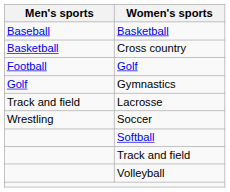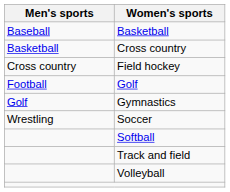 <table class="wikitable" style=" ">
 <tr>
 <th width=150px>Men's sports</th>
 <th width=150px>Women's sports</th>
 </tr>
 <tr>
 <td><a href='#'>Baseball</a></td>
 <td><a href='#'>Basketball</a></td>
 </tr>
 <tr>
 <td><a href='#'>Basketball</a></td>
 <td>Cross country</td>
 </tr>
 <tr>
+<td>Cross country</td>
+<td>Field hockey</td>
+</tr>
+<tr>
 <td><a href='#'>Football</a></td>
 <td><a href='#'>Golf</a></td>
 </tr>
 <tr>
 <td><a href='#'>Golf</a></td>
 <td>Gymnastics</td>
-</tr>
-<tr>
-<td>Track and field</td>
-<td>Lacrosse</td>
 </tr>
 <tr>
 <td>Wrestling</td>
 <td>Soccer</td>
 </tr>
 <tr>
 <td></td>
 <td><a href='#'>Softball</a></td>
 </tr>
 <tr>
 <td></td>
 <td>Track and field</td>
 </tr>
 <tr>
 <td></td>
 <td>Volleyball</td>
 </tr>
 <tr>
 <td colspan="2"></td>
 </tr>
 </table>
